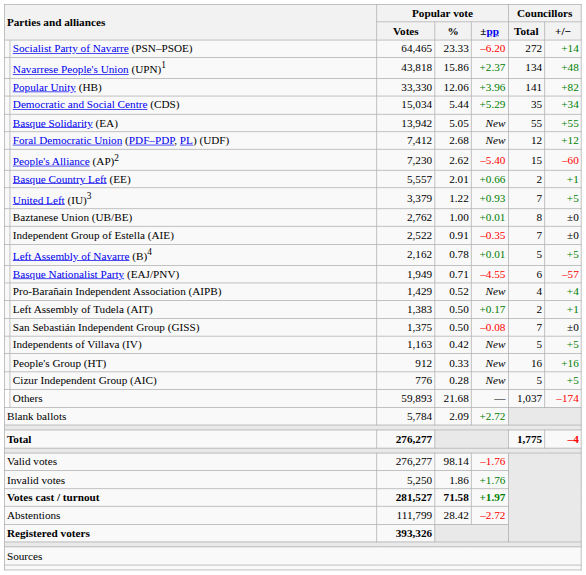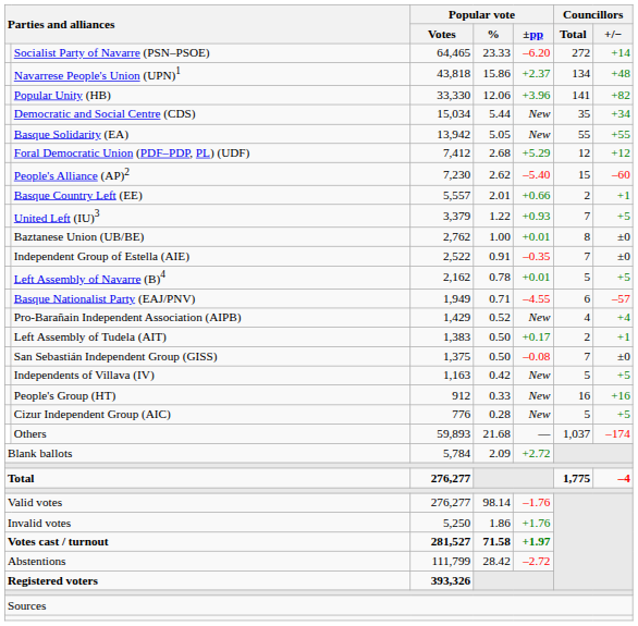 <table class="wikitable" style="text-align:right;">
 <tr>
 <th style="text-align:left;" rowspan="2" colspan="2" width="525">Parties and alliances</th>
 <th colspan="3">Popular vote</th>
 <th colspan="2">Councillors</th>
 </tr>
 <tr>
 <th width="75">Votes</th>
 <th width="45">%</th>
 <th width="45">±<a href='#'>pp</a></th>
 <th width="45">Total</th>
 <th width="45">+/−</th>
 </tr>
 <tr>
 <td width="1" style="color:inherit;background:"></td>
 <td align="left"><a href='#'>Socialist Party of Navarre</a> (PSN–PSOE)</td>
 <td>64,465</td>
 <td>23.33</td>
 <td style="color:red;">–6.20</td>
 <td>272</td>
 <td style="color:green;">+14</td>
 </tr>
 <tr>
 <td style="color:inherit;background:"></td>
 <td align="left"><a href='#'>Navarrese People's Union</a> (UPN)<sup>1</sup></td>
 <td>43,818</td>
 <td>15.86</td>
 <td style="color:green;">+2.37</td>
 <td>134</td>
 <td style="color:green;">+48</td>
 </tr>
 <tr>
 <td style="color:inherit;background:"></td>
 <td align="left"><a href='#'>Popular Unity</a> (HB)</td>
 <td>33,330</td>
 <td>12.06</td>
 <td style="color:green;">+3.96</td>
 <td>141</td>
 <td style="color:green;">+82</td>
 </tr>
 <tr>
 <td style="color:inherit;background:"></td>
 <td align="left"><a href='#'>Democratic and Social Centre</a> (CDS)</td>
 <td>15,034</td>
 <td>5.44</td>
-<td style="color:green;">+5.29</td>
+<td><em>New</em></td>
 <td>35</td>
 <td style="color:green;">+34</td>
 </tr>
 <tr>
 <td style="color:inherit;background:"></td>
 <td align="left"><a href='#'>Basque Solidarity</a> (EA)</td>
 <td>13,942</td>
 <td>5.05</td>
 <td><em>New</em></td>
 <td>55</td>
 <td style="color:green;">+55</td>
 </tr>
 <tr>
 <td style="color:inherit;background:"></td>
 <td align="left"><a href='#'>Foral Democratic Union</a> (<a href='#'>PDF–PDP</a>, <a href='#'>PL</a>) (UDF)</td>
 <td>7,412</td>
 <td>2.68</td>
-<td><em>New</em></td>
+<td style="color:green;">+5.29</td>
 <td>12</td>
 <td style="color:green;">+12</td>
 </tr>
 <tr>
 <td style="color:inherit;background:"></td>
 <td align="left"><a href='#'>People's Alliance</a> (AP)<sup>2</sup></td>
 <td>7,230</td>
 <td>2.62</td>
 <td style="color:red;">–5.40</td>
 <td>15</td>
 <td style="color:red;">–60</td>
 </tr>
 <tr>
 <td style="color:inherit;background:"></td>
 <td align="left"><a href='#'>Basque Country Left</a> (EE)</td>
 <td>5,557</td>
 <td>2.01</td>
 <td style="color:green;">+0.66</td>
 <td>2</td>
 <td style="color:green;">+1</td>
 </tr>
 <tr>
 <td style="color:inherit;background:"></td>
 <td align="left"><a href='#'>United Left</a> (IU)<sup>3</sup></td>
 <td>3,379</td>
 <td>1.22</td>
 <td style="color:green;">+0.93</td>
 <td>7</td>
 <td style="color:green;">+5</td>
 </tr>
 <tr>
 <td style="color:inherit;background:"></td>
 <td align="left">Baztanese Union (UB/BE)</td>
 <td>2,762</td>
 <td>1.00</td>
 <td style="color:green;">+0.01</td>
 <td>8</td>
 <td>±0</td>
 </tr>
 <tr>
 <td style="color:inherit;background:"></td>
 <td align="left">Independent Group of Estella (AIE)</td>
 <td>2,522</td>
 <td>0.91</td>
 <td style="color:red;">–0.35</td>
 <td>7</td>
 <td>±0</td>
 </tr>
 <tr>
 <td style="color:inherit;background:"></td>
 <td align="left"><a href='#'>Left Assembly of Navarre</a> (B)<sup>4</sup></td>
 <td>2,162</td>
 <td>0.78</td>
 <td style="color:green;">+0.01</td>
 <td>5</td>
 <td style="color:green;">+5</td>
 </tr>
 <tr>
 <td style="color:inherit;background:"></td>
 <td align="left"><a href='#'>Basque Nationalist Party</a> (EAJ/PNV)</td>
 <td>1,949</td>
 <td>0.71</td>
 <td style="color:red;">–4.55</td>
 <td>6</td>
 <td style="color:red;">–57</td>
 </tr>
 <tr>
 <td style="color:inherit;background:"></td>
 <td align="left">Pro-Barañain Independent Association (AIPB)</td>
 <td>1,429</td>
 <td>0.52</td>
 <td><em>New</em></td>
 <td>4</td>
 <td style="color:green;">+4</td>
 </tr>
 <tr>
 <td style="color:inherit;background:"></td>
 <td align="left">Left Assembly of Tudela (AIT)</td>
 <td>1,383</td>
 <td>0.50</td>
 <td style="color:green;">+0.17</td>
 <td>2</td>
 <td style="color:green;">+1</td>
 </tr>
 <tr>
 <td style="color:inherit;background:"></td>
 <td align="left">San Sebastián Independent Group (GISS)</td>
 <td>1,375</td>
 <td>0.50</td>
 <td style="color:red;">–0.08</td>
 <td>7</td>
 <td>±0</td>
 </tr>
 <tr>
 <td style="color:inherit;background:"></td>
 <td align="left">Independents of Villava (IV)</td>
 <td>1,163</td>
 <td>0.42</td>
 <td><em>New</em></td>
 <td>5</td>
 <td style="color:green;">+5</td>
 </tr>
 <tr>
 <td style="color:inherit;background:"></td>
 <td align="left">People's Group (HT)</td>
 <td>912</td>
 <td>0.33</td>
 <td><em>New</em></td>
 <td>16</td>
 <td style="color:green;">+16</td>
 </tr>
 <tr>
 <td style="color:inherit;background:"></td>
 <td align="left">Cizur Independent Group (AIC)</td>
 <td>776</td>
 <td>0.28</td>
 <td><em>New</em></td>
 <td>5</td>
 <td style="color:green;">+5</td>
 </tr>
 <tr>
 <td bgcolor="white"></td>
 <td align="left">Others</td>
 <td>59,893</td>
 <td>21.68</td>
 <td>—</td>
 <td>1,037</td>
 <td style="color:red;">–174</td>
 </tr>
 <tr>
 <td align="left" colspan="2">Blank ballots</td>
 <td>5,784</td>
 <td>2.09</td>
 <td style="color:green;">+2.72</td>
 <td bgcolor="#E9E9E9" colspan="2"></td>
 </tr>
 <tr>
 <td colspan="7" bgcolor="#E9E9E9"></td>
 </tr>
 <tr style="font-weight:bold;">
 <td align="left" colspan="2">Total</td>
 <td>276,277</td>
 <td bgcolor="#E9E9E9" colspan="2"></td>
 <td>1,775</td>
 <td style="color:red;">–4</td>
 </tr>
 <tr>
 <td colspan="7" bgcolor="#E9E9E9"></td>
 </tr>
 <tr>
 <td align="left" colspan="2">Valid votes</td>
 <td>276,277</td>
 <td>98.14</td>
 <td style="color:red;">–1.76</td>
 <td bgcolor="#E9E9E9" colspan="2" rowspan="5"></td>
 </tr>
 <tr>
 <td align="left" colspan="2">Invalid votes</td>
 <td>5,250</td>
 <td>1.86</td>
 <td style="color:green;">+1.76</td>
 </tr>
 <tr style="font-weight:bold;">
 <td align="left" colspan="2">Votes cast / turnout</td>
 <td>281,527</td>
 <td>71.58</td>
 <td style="color:green;">+1.97</td>
 </tr>
 <tr>
 <td align="left" colspan="2">Abstentions</td>
 <td>111,799</td>
 <td>28.42</td>
 <td style="color:red;">–2.72</td>
 </tr>
 <tr style="font-weight:bold;">
 <td align="left" colspan="2">Registered voters</td>
 <td>393,326</td>
 <td bgcolor="#E9E9E9" colspan="2"></td>
 </tr>
 <tr>
 <td colspan="7" bgcolor="#E9E9E9"></td>
 </tr>
 <tr>
 <td align="left" colspan="7">Sources</td>
 </tr>
 <tr>
 <td colspan="7" style="text-align:left; max-width:790px;"></td>
 </tr>
 </table>
